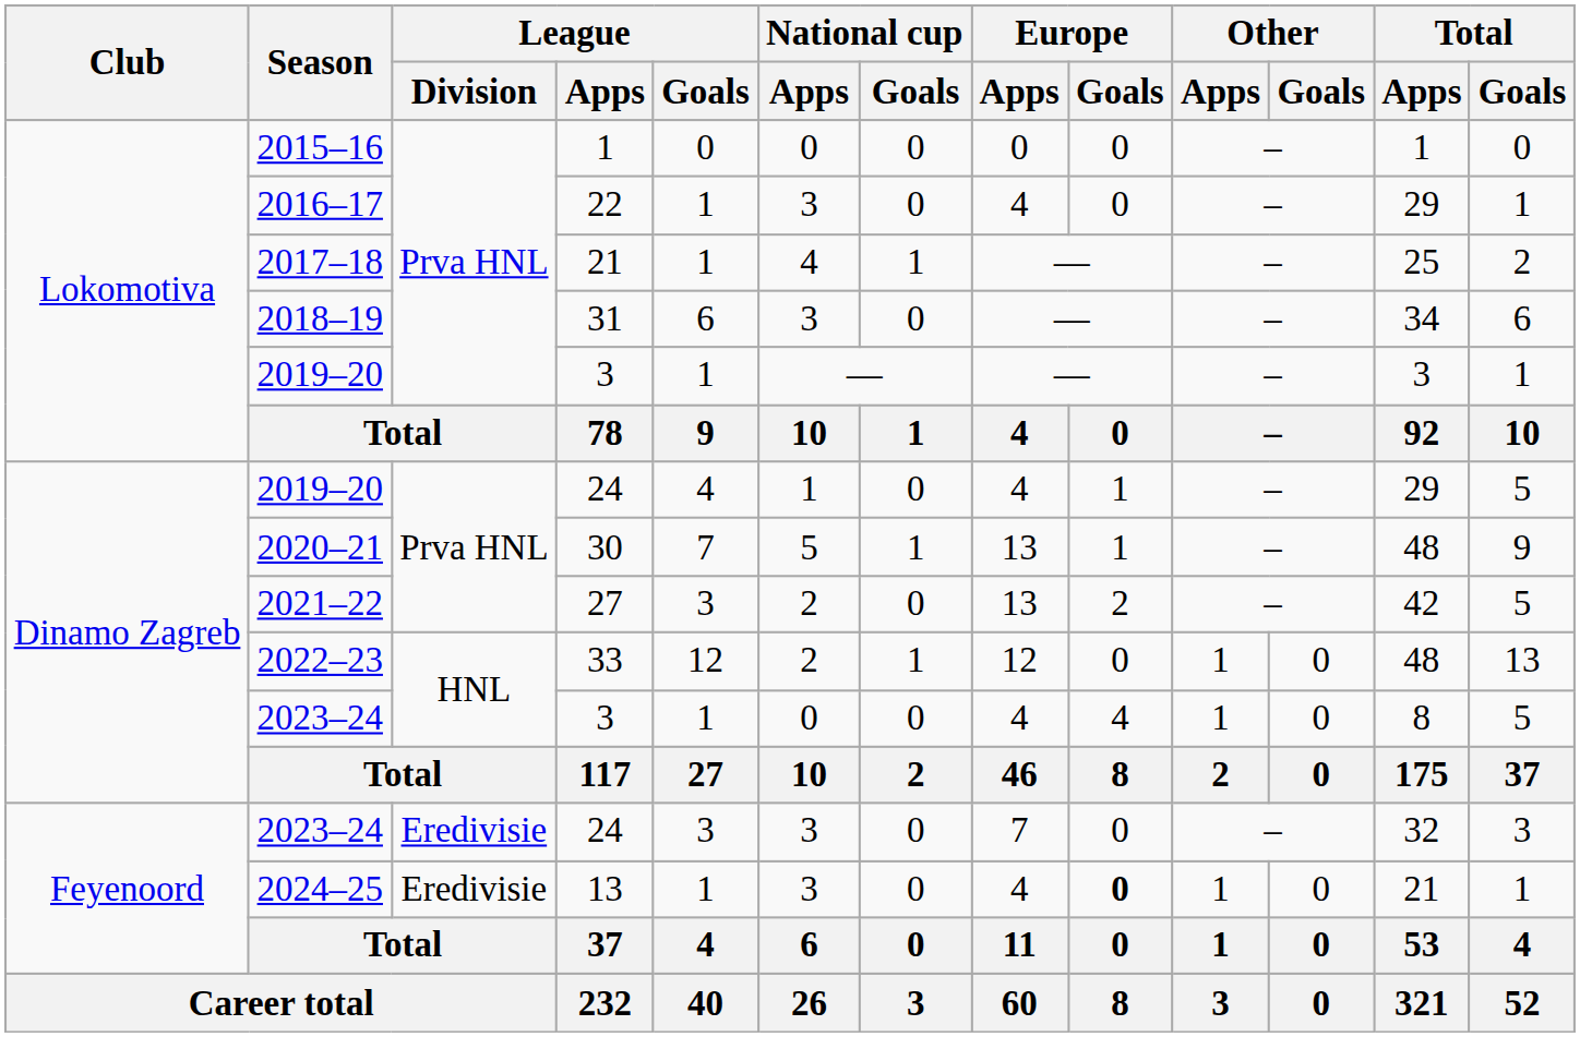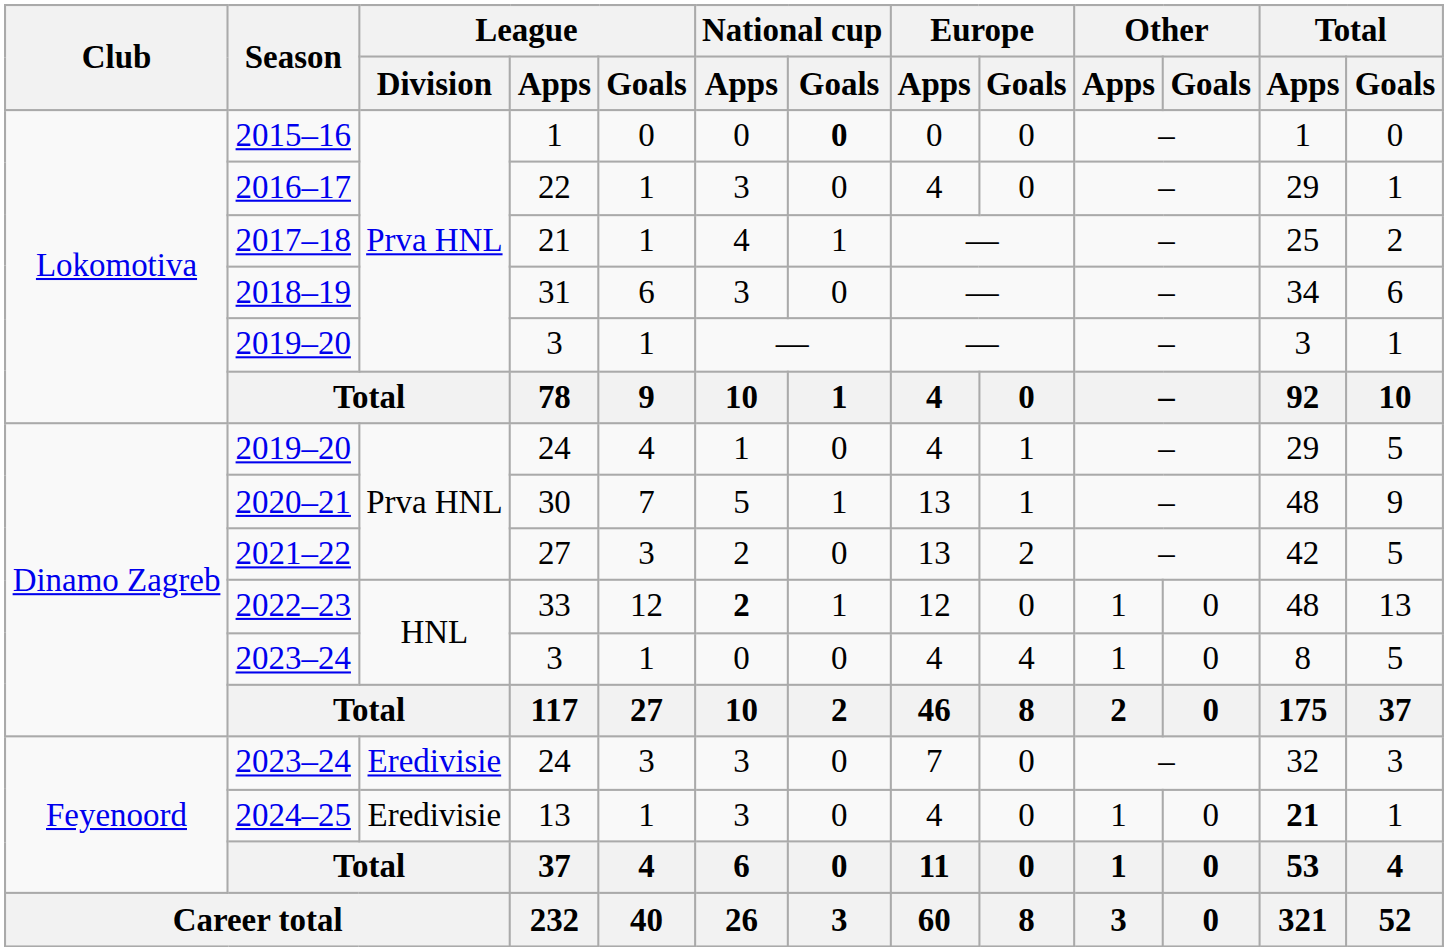 <table class="wikitable" style="text-align:center">
 <tr>
 <th rowspan="2">Club</th>
 <th rowspan="2">Season</th>
 <th colspan="3">League</th>
 <th colspan="2">National cup</th>
 <th colspan="2">Europe</th>
 <th colspan="2">Other</th>
 <th colspan="2">Total</th>
 </tr>
 <tr>
 <th>Division</th>
 <th>Apps</th>
 <th>Goals</th>
 <th>Apps</th>
 <th>Goals</th>
 <th>Apps</th>
 <th>Goals</th>
 <th>Apps</th>
 <th>Goals</th>
 <th>Apps</th>
 <th>Goals</th>
 </tr>
 <tr>
 <td rowspan="6"><a href='#'>Lokomotiva</a></td>
 <td><a href='#'>2015–16</a></td>
 <td rowspan="5"><a href='#'>Prva HNL</a></td>
 <td>1</td>
 <td>0</td>
 <td>0</td>
-<td>0</td>
+<td><strong>0</strong></td>
 <td>0</td>
 <td>0</td>
 <td colspan="2">–</td>
 <td>1</td>
 <td>0</td>
 </tr>
 <tr>
 <td><a href='#'>2016–17</a></td>
 <td>22</td>
 <td>1</td>
 <td>3</td>
 <td>0</td>
 <td>4</td>
 <td>0</td>
 <td colspan="2">–</td>
 <td>29</td>
 <td>1</td>
 </tr>
 <tr>
 <td><a href='#'>2017–18</a></td>
 <td>21</td>
 <td>1</td>
 <td>4</td>
 <td>1</td>
 <td colspan="2">—</td>
 <td colspan="2">–</td>
 <td>25</td>
 <td>2</td>
 </tr>
 <tr>
 <td><a href='#'>2018–19</a></td>
 <td>31</td>
 <td>6</td>
 <td>3</td>
 <td>0</td>
 <td colspan="2">—</td>
 <td colspan="2">–</td>
 <td>34</td>
 <td>6</td>
 </tr>
 <tr>
 <td><a href='#'>2019–20</a></td>
 <td>3</td>
 <td>1</td>
 <td colspan="2">—</td>
 <td colspan="2">—</td>
 <td colspan="2">–</td>
 <td>3</td>
 <td>1</td>
 </tr>
 <tr>
 <th colspan="2">Total</th>
 <th>78</th>
 <th>9</th>
 <th>10</th>
 <th>1</th>
 <th>4</th>
 <th>0</th>
 <th colspan="2">–</th>
 <th>92</th>
 <th>10</th>
 </tr>
 <tr>
 <td rowspan="6"><a href='#'>Dinamo Zagreb</a></td>
 <td><a href='#'>2019–20</a></td>
 <td rowspan="3">Prva HNL</td>
 <td>24</td>
 <td>4</td>
 <td>1</td>
 <td>0</td>
 <td>4</td>
 <td>1</td>
 <td colspan="2">–</td>
 <td>29</td>
 <td>5</td>
 </tr>
 <tr>
 <td><a href='#'>2020–21</a></td>
 <td>30</td>
 <td>7</td>
 <td>5</td>
 <td>1</td>
 <td>13</td>
 <td>1</td>
 <td colspan="2">–</td>
 <td>48</td>
 <td>9</td>
 </tr>
 <tr>
 <td><a href='#'>2021–22</a></td>
 <td>27</td>
 <td>3</td>
 <td>2</td>
 <td>0</td>
 <td>13</td>
 <td>2</td>
 <td colspan="2">–</td>
 <td>42</td>
 <td>5</td>
 </tr>
 <tr>
 <td><a href='#'>2022–23</a></td>
 <td rowspan="2">HNL</td>
 <td>33</td>
 <td>12</td>
-<td>2</td>
+<td><strong>2</strong></td>
 <td>1</td>
 <td>12</td>
 <td>0</td>
 <td>1</td>
 <td>0</td>
 <td>48</td>
 <td>13</td>
 </tr>
 <tr>
 <td><a href='#'>2023–24</a></td>
 <td>3</td>
 <td>1</td>
 <td>0</td>
 <td>0</td>
 <td>4</td>
 <td>4</td>
 <td>1</td>
 <td>0</td>
 <td>8</td>
 <td>5</td>
 </tr>
 <tr>
 <th colspan="2">Total</th>
 <th>117</th>
 <th>27</th>
 <th>10</th>
 <th>2</th>
 <th>46</th>
 <th>8</th>
 <th>2</th>
 <th>0</th>
 <th>175</th>
 <th>37</th>
 </tr>
 <tr>
 <td rowspan="3"><a href='#'>Feyenoord</a></td>
 <td><a href='#'>2023–24</a></td>
 <td><a href='#'>Eredivisie</a></td>
 <td>24</td>
 <td>3</td>
 <td>3</td>
 <td>0</td>
 <td>7</td>
 <td>0</td>
 <td colspan="2">–</td>
 <td>32</td>
 <td>3</td>
 </tr>
 <tr>
 <td><a href='#'>2024–25</a></td>
 <td>Eredivisie</td>
 <td>13</td>
 <td>1</td>
 <td>3</td>
 <td>0</td>
 <td>4</td>
-<td><strong>0</strong></td>
+<td>0</td>
 <td>1</td>
 <td>0</td>
-<td>21</td>
+<td><strong>21</strong></td>
 <td>1</td>
 </tr>
 <tr>
 <th colspan="2">Total</th>
 <th>37</th>
 <th>4</th>
 <th>6</th>
 <th>0</th>
 <th>11</th>
 <th>0</th>
 <th>1</th>
 <th>0</th>
 <th>53</th>
 <th>4</th>
 </tr>
 <tr>
 <th colspan="3">Career total</th>
 <th>232</th>
 <th>40</th>
 <th>26</th>
 <th>3</th>
 <th>60</th>
 <th>8</th>
 <th>3</th>
 <th>0</th>
 <th>321</th>
 <th>52</th>
 </tr>
 </table>
